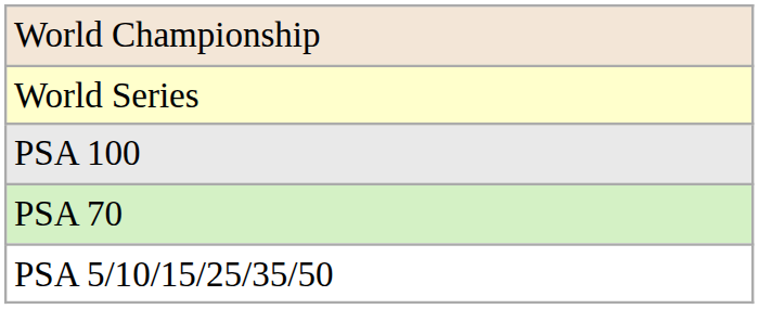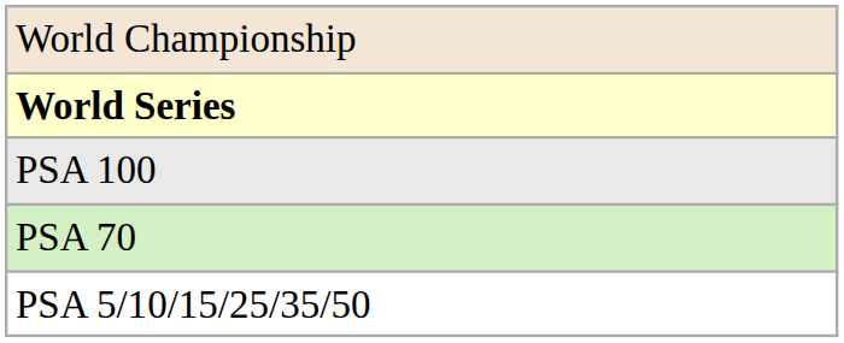 <table class=wikitable style=font-size:89%;width:15%>
 <tr style="background:#F3E6D7;">
 <td>World Championship</td>
 </tr>
 <tr style="background:#ffc;">
-<td>World Series</td>
+<td><strong>World Series</strong></td>
 </tr>
 <tr style="background:#E9E9E9;">
 <td>PSA 100</td>
 </tr>
 <tr style="background:#D4F1C5;">
 <td>PSA 70</td>
 </tr>
 <tr style="background:#fff;">
 <td>PSA 5/10/15/25/35/50</td>
 </tr>
 </table>
